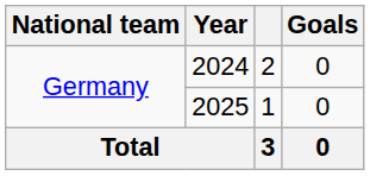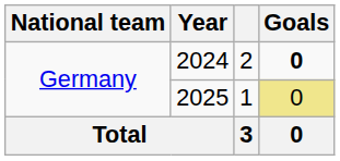 <table class="wikitable" style="text-align: center">
 <tr>
 <th>National team</th>
 <th>Year</th>
 <th></th>
 <th>Goals</th>
 </tr>
 <tr>
 <td rowspan=2><a href='#'>Germany</a></td>
 <td>2024</td>
 <td>2</td>
-<td>0</td>
+<td><strong>0</strong></td>
 </tr>
 <tr>
 <td>2025</td>
 <td>1</td>
-<td>0</td>
+<td style="background: khaki;">0</td>
 </tr>
 <tr>
 <th colspan="2">Total</th>
 <th>3</th>
 <th>0</th>
 </tr>
 </table>
